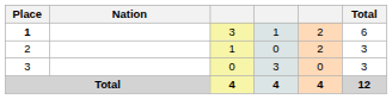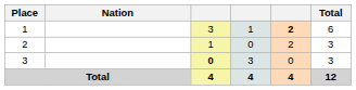 <table class=wikitable style="border:1px solid #AAAAAA;font-size:90%">
 <tr bgcolor="#EFEFEF">
 <th width=50>Place</th>
 <th width=200>Nation</th>
 <th width=50></th>
 <th width=50></th>
 <th width=50></th>
 <th width=50>Total</th>
 </tr>
 <tr align="center" valign="top" bgcolor="#FFFFFF">
-<td><strong>1</strong></td>
+<td>1</td>
 <td align="left"></td>
 <td style="background:#F7F6A8;">3</td>
 <td style="background:#DCE5E5;">1</td>
-<td style="background:#FFDAB9;">2</td>
+<td style="background:#FFDAB9;"><strong>2</strong></td>
 <td>6</td>
 </tr>
 <tr align="center" valign="top" bgcolor="#FFFFFF">
 <td>2</td>
 <td align="left"></td>
 <td style="background:#F7F6A8;">1</td>
 <td style="background:#DCE5E5;">0</td>
 <td style="background:#FFDAB9;">2</td>
 <td>3</td>
 </tr>
 <tr align="center" valign="top" bgcolor="#FFFFFF">
 <td>3</td>
 <td align="left"></td>
-<td style="background:#F7F6A8;">0</td>
+<td style="background:#F7F6A8;"><strong>0</strong></td>
 <td style="background:#DCE5E5;">3</td>
 <td style="background:#FFDAB9;">0</td>
 <td>3</td>
 </tr>
 <tr align="center">
 <td colspan="2" bgcolor=D3D3D3><strong>Total</strong></td>
 <td style="background:#F7F6A8;"><strong>4</strong></td>
 <td style="background:#DCE5E5;"><strong>4</strong></td>
 <td style="background:#FFDAB9;"><strong>4</strong></td>
 <td bgcolor=D3D3D3><strong>12</strong></td>
 </tr>
 </table>
